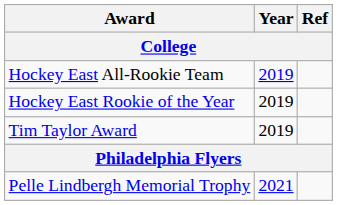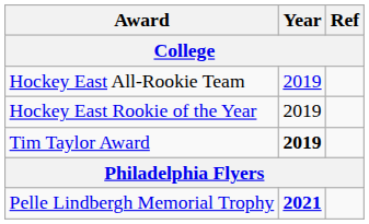 <table class="wikitable">
 <tr>
 <th>Award</th>
 <th>Year</th>
 <th>Ref</th>
 </tr>
 <tr>
 <th colspan="3"><a href='#'>College</a></th>
 </tr>
 <tr>
 <td><a href='#'>Hockey East</a> All-Rookie Team</td>
 <td><a href='#'>2019</a></td>
 <td></td>
 </tr>
 <tr>
 <td><a href='#'>Hockey East Rookie of the Year</a></td>
 <td>2019</td>
 <td></td>
 </tr>
 <tr>
 <td><a href='#'>Tim Taylor Award</a></td>
-<td>2019</td>
+<td><strong>2019</strong></td>
 <td></td>
 </tr>
 <tr>
 <th colspan="3"><a href='#'>Philadelphia Flyers</a></th>
 </tr>
 <tr>
 <td><a href='#'>Pelle Lindbergh Memorial Trophy</a></td>
-<td><a href='#'>2021</a></td>
+<td><strong><a href='#'>2021</a></strong></td>
 <td></td>
 </tr>
 </table>
